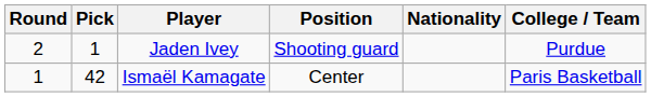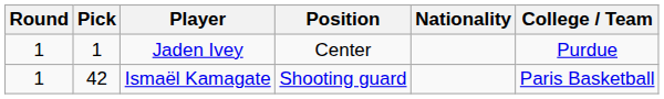 <table class="wikitable sortable sortable">
 <tr>
 <th>Round</th>
 <th>Pick</th>
 <th>Player</th>
 <th>Position</th>
 <th>Nationality</th>
 <th>College / Team</th>
 </tr>
 <tr style="text-align: center">
-<td>2</td>
+<td>1</td>
 <td>1</td>
 <td><a href='#'>Jaden Ivey</a></td>
-<td><a href='#'>Shooting guard</a></td>
+<td>Center</td>
 <td></td>
 <td><a href='#'>Purdue</a></td>
 </tr>
 <tr style="text-align: center">
 <td>1</td>
 <td>42</td>
 <td><a href='#'>Ismaël Kamagate</a></td>
-<td>Center</td>
+<td><a href='#'>Shooting guard</a></td>
 <td></td>
 <td><a href='#'>Paris Basketball</a></td>
 </tr>
 </table>
